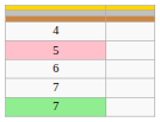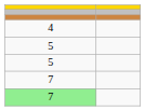 <table class="wikitable" style="width:200px;">
 <tr style="background:gold;">
 <td align=center></td>
 <td></td>
 </tr>
 <tr style="background:silver;">
 <td align=center></td>
 <td></td>
 </tr>
 <tr style="background:peru;">
 <td align=center></td>
 <td></td>
 </tr>
 <tr>
 <td align=center>4</td>
 <td></td>
 </tr>
 <tr>
-<td align=center style="background: pink;">5</td>
+<td align=center>5</td>
 <td></td>
 </tr>
 <tr>
-<td align=center>6</td>
+<td align=center>5</td>
 <td></td>
 </tr>
 <tr>
 <td align=center>7</td>
 <td></td>
 </tr>
 <tr>
 <td align=center style="background: lightgreen;">7</td>
 <td></td>
 </tr>
 </table>
